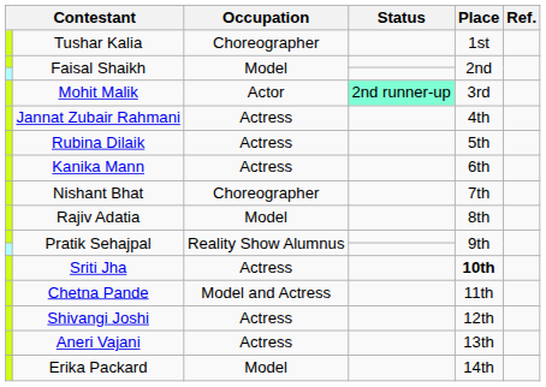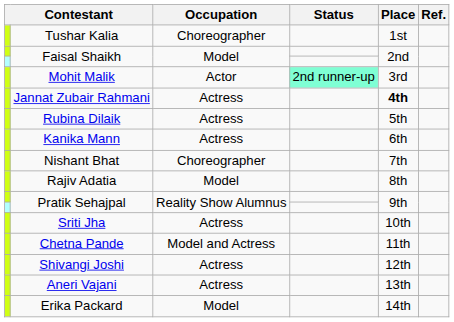 <table class="wikitable sortable" style="text-align:center;">
 <tr>
 <th colspan="2">Contestant</th>
 <th>Occupation</th>
 <th>Status</th>
 <th>Place</th>
 <th>Ref.</th>
 </tr>
 <tr>
 <th style="background:#D0FF14;"></th>
 <td>Tushar Kalia</td>
 <td>Choreographer</td>
 <td></td>
 <td>1st</td>
 <td></td>
 </tr>
 <tr>
 <th style="background:#D0FF14;"></th>
 <td rowspan="2">Faisal Shaikh</td>
 <td rowspan="2">Model</td>
 <td></td>
 <td rowspan="2">2nd</td>
 <td rowspan="2"></td>
 </tr>
 <tr>
 <th style="background:#B2FFFF;"></th>
 <td></td>
 </tr>
 <tr>
 <td style="background:#D0FF14;"></td>
 <td><a href='#'>Mohit Malik</a></td>
 <td>Actor</td>
 <td style="background:#7FFFD4;">2nd runner-up</td>
 <td>3rd</td>
 <td></td>
 </tr>
 <tr>
 <th style="background:#D0FF14;"></th>
 <td><a href='#'>Jannat Zubair Rahmani</a></td>
 <td>Actress</td>
 <td></td>
-<td>4th</td>
+<td><strong>4th</strong></td>
 <td></td>
 </tr>
 <tr>
 <td style="background:#D0FF14;"></td>
 <td><a href='#'>Rubina Dilaik</a></td>
 <td>Actress</td>
 <td></td>
 <td>5th</td>
 <td></td>
 </tr>
 <tr>
 <th style="background:#D0FF14;"></th>
 <td><a href='#'>Kanika Mann</a></td>
 <td>Actress</td>
 <td></td>
 <td>6th</td>
 <td></td>
 </tr>
 <tr>
 <th style="background:#D0FF14;"></th>
 <td>Nishant Bhat</td>
 <td>Choreographer</td>
 <td></td>
 <td>7th</td>
 <td></td>
 </tr>
 <tr>
 <th style="background:#D0FF14;"></th>
 <td>Rajiv Adatia</td>
 <td>Model</td>
 <td></td>
 <td>8th</td>
 <td></td>
 </tr>
 <tr>
 <th style="background:#D0FF14;"></th>
 <td rowspan="2">Pratik Sehajpal</td>
 <td rowspan="2">Reality Show Alumnus</td>
 <td></td>
 <td rowspan="2">9th</td>
 <td rowspan="2"></td>
 </tr>
 <tr>
 <th style="background:#B2FFFF;"></th>
 <td></td>
 </tr>
 <tr>
 <th style="background:#D0FF14;"></th>
 <td><a href='#'>Sriti Jha</a></td>
 <td>Actress</td>
 <td></td>
-<td><strong>10th</strong></td>
+<td>10th</td>
 <td></td>
 </tr>
 <tr>
 <th style="background:#D0FF14;"></th>
 <td><a href='#'>Chetna Pande</a></td>
 <td>Model and Actress</td>
 <td></td>
 <td>11th</td>
 <td></td>
 </tr>
 <tr>
 <th style="background:#D0FF14;"></th>
 <td><a href='#'>Shivangi Joshi</a></td>
 <td>Actress</td>
 <td></td>
 <td>12th</td>
 <td></td>
 </tr>
 <tr>
 <th style="background:#D0FF14;"></th>
 <td><a href='#'>Aneri Vajani</a></td>
 <td>Actress</td>
 <td></td>
 <td>13th</td>
 <td></td>
 </tr>
 <tr>
 <th style="background:#D0FF14;"></th>
 <td>Erika Packard</td>
 <td>Model</td>
 <td></td>
 <td>14th</td>
 <td></td>
 </tr>
 </table>
